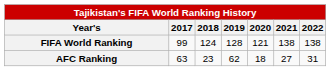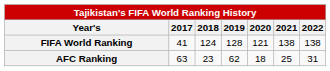 <table class="wikitable" style=" text-align:center; font-size:95%;">
 <tr>
 <th colspan="28" style="background: #CC0000; color: #FFFFFF;">Tajikistan's FIFA World Ranking History</th>
 </tr>
 <tr>
 <th scope="col" width="250px">Year's</th>
 <th scope="col">2017</th>
 <th scope="col">2018</th>
 <th scope="col">2019</th>
 <th scope="col">2020</th>
 <th scope="col">2021</th>
 <th scope="col">2022</th>
 </tr>
 <tr>
 <th scope="row" style="text-align:center">FIFA World Ranking</th>
-<td>99</td>
+<td>41</td>
 <td>124</td>
 <td>128</td>
 <td>121</td>
 <td>138</td>
 <td>138</td>
 </tr>
 <tr>
 <th scope="row" style="text-align:center">AFC Ranking</th>
 <td>63</td>
 <td>23</td>
 <td>62</td>
 <td>18</td>
-<td>27</td>
+<td>25</td>
 <td>31</td>
 </tr>
 </table>
